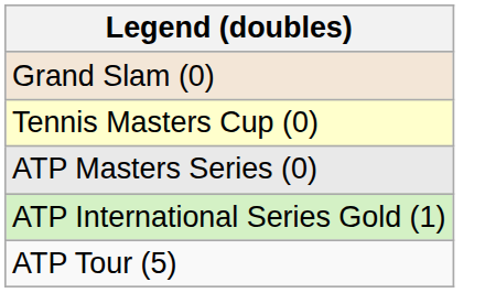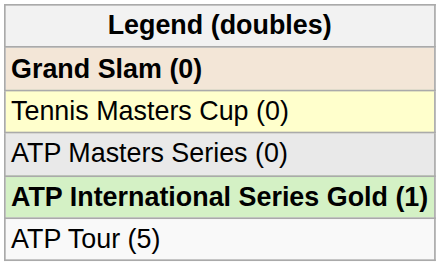 <table class="wikitable sortable mw-collapsible mw-collapsed">
 <tr>
 <th>Legend (doubles)</th>
 </tr>
 <tr style="background:#f3e6d7;">
-<td>Grand Slam (0)</td>
+<td><strong>Grand Slam (0)</strong></td>
 </tr>
 <tr style="background:#ffffcc;">
 <td>Tennis Masters Cup (0)</td>
 </tr>
 <tr style="background:#e9e9e9;">
 <td>ATP Masters Series (0)</td>
 </tr>
 <tr style="background:#d4f1c5;">
-<td>ATP International Series Gold (1)</td>
+<td><strong>ATP International Series Gold (1)</strong></td>
 </tr>
 <tr>
 <td>ATP Tour (5)</td>
 </tr>
 </table>
